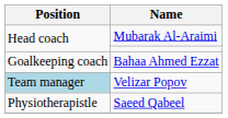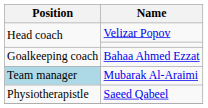 <table class="wikitable">
 <tr>
 <th>Position</th>
 <th>Name</th>
 </tr>
 <tr>
 <td rowspan="2">Head coach</td>
-<td> <a href='#'>Mubarak Al-Araimi</a></td>
+<td> <a href='#'>Velizar Popov</a></td>
 </tr>
 <tr>
 <td></td>
 </tr>
 <tr>
 <td>Goalkeeping coach</td>
 <td> <a href='#'>Bahaa Ahmed Ezzat</a></td>
 </tr>
 <tr>
 <td style="background: lightblue;">Team manager</td>
-<td> <a href='#'>Velizar Popov</a></td>
+<td> <a href='#'>Mubarak Al-Araimi</a></td>
 </tr>
 <tr>
 <td>Physiotherapistle</td>
 <td> <a href='#'>Saeed Qabeel</a></td>
 </tr>
 <tr>
 </tr>
 </table>
